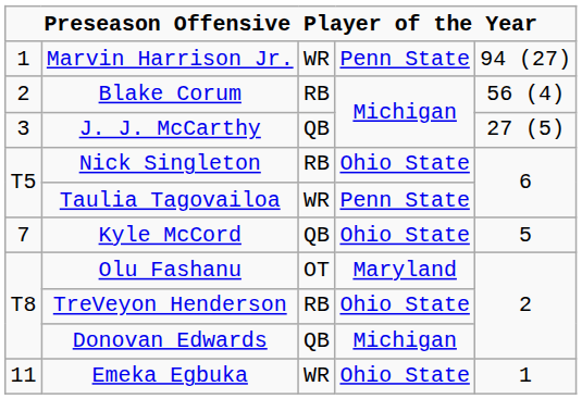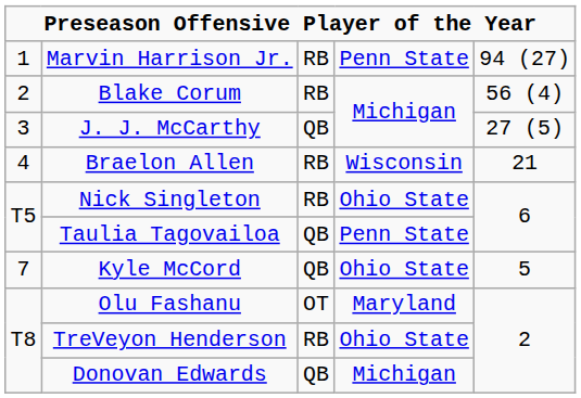 <table class="wikitable" style="display: inline-table;">
 <tr align="center">
 <td align="center" Colspan="5"><strong>Preseason Offensive Player of the Year</strong><br></td>
 </tr>
 <tr align="center">
 <td>1</td>
 <td><a href='#'>Marvin Harrison Jr.</a></td>
-<td>WR</td>
+<td>RB</td>
 <td><a href='#'>Penn State</a></td>
 <td>94 (27)</td>
 </tr>
 <tr align="center">
 <td>2</td>
 <td><a href='#'>Blake Corum</a></td>
 <td>RB</td>
 <td rowspan="2" align="center"><a href='#'>Michigan</a></td>
 <td>56 (4)</td>
 </tr>
 <tr align="center">
 <td>3</td>
 <td><a href='#'>J. J. McCarthy</a></td>
 <td>QB</td>
 <td>27 (5)</td>
 </tr>
 <tr align="center">
+<td>4</td>
+<td><a href='#'>Braelon Allen</a></td>
+<td>RB</td>
+<td><a href='#'>Wisconsin</a></td>
+<td>21</td>
+</tr>
+<tr align="center">
 <td rowspan="2" align="center">T5</td>
 <td><a href='#'>Nick Singleton</a></td>
 <td>RB</td>
 <td><a href='#'>Ohio State</a></td>
 <td rowspan="2">6</td>
 </tr>
 <tr align="center">
 <td><a href='#'>Taulia Tagovailoa</a></td>
-<td>WR</td>
+<td>QB</td>
 <td><a href='#'>Penn State</a></td>
 </tr>
 <tr align="center">
 <td>7</td>
 <td><a href='#'>Kyle McCord</a></td>
 <td>QB</td>
 <td><a href='#'>Ohio State</a></td>
 <td>5</td>
 </tr>
 <tr align="center">
 <td rowspan="3">T8</td>
 <td><a href='#'>Olu Fashanu</a></td>
 <td>OT</td>
 <td><a href='#'>Maryland</a></td>
 <td rowspan="3">2</td>
 </tr>
 <tr align="center">
 <td><a href='#'>TreVeyon Henderson</a></td>
 <td>RB</td>
 <td><a href='#'>Ohio State</a></td>
 </tr>
 <tr align="center">
 <td><a href='#'>Donovan Edwards</a></td>
 <td>QB</td>
 <td><a href='#'>Michigan</a></td>
 </tr>
-<tr align="center">
-<td>11</td>
-<td><a href='#'>Emeka Egbuka</a></td>
-<td>WR</td>
-<td><a href='#'>Ohio State</a></td>
-<td>1</td>
-</tr>
 </table>
